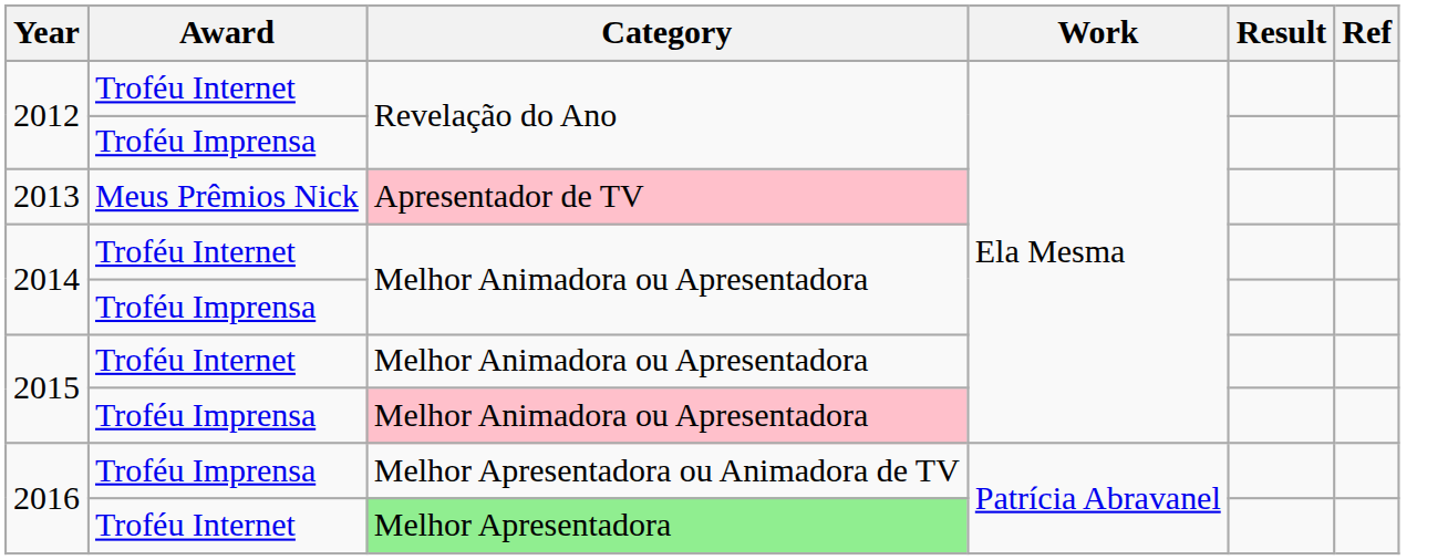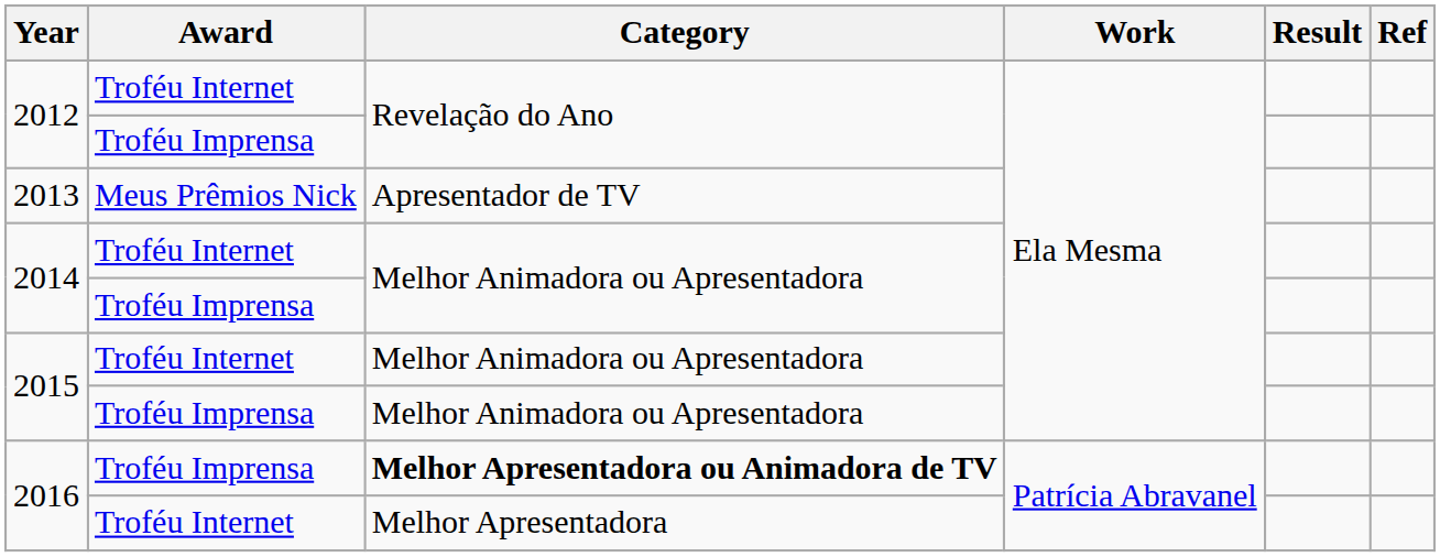 <table class="wikitable" style="font-size: 90%;">
 <tr>
 <th>Year</th>
 <th>Award</th>
 <th>Category</th>
 <th>Work</th>
 <th>Result</th>
 <th>Ref</th>
 </tr>
 <tr>
 <td rowspan="2">2012</td>
 <td><a href='#'>Troféu Internet</a></td>
 <td rowspan="2">Revelação do Ano</td>
 <td rowspan="7">Ela Mesma</td>
 <td></td>
 <td></td>
 </tr>
 <tr>
 <td><a href='#'>Troféu Imprensa</a></td>
 <td></td>
 <td></td>
 </tr>
 <tr>
 <td>2013</td>
 <td><a href='#'>Meus Prêmios Nick</a></td>
-<td style="background: pink;">Apresentador de TV</td>
+<td>Apresentador de TV</td>
 <td></td>
 <td></td>
 </tr>
 <tr>
 <td rowspan="2">2014</td>
 <td><a href='#'>Troféu Internet</a></td>
 <td rowspan="2">Melhor Animadora ou Apresentadora</td>
 <td></td>
 <td></td>
 </tr>
 <tr>
 <td><a href='#'>Troféu Imprensa</a></td>
 <td></td>
 <td></td>
 </tr>
 <tr>
 <td rowspan="2">2015</td>
 <td><a href='#'>Troféu Internet</a></td>
 <td>Melhor Animadora ou Apresentadora</td>
 <td></td>
 <td></td>
 </tr>
 <tr>
 <td><a href='#'>Troféu Imprensa</a></td>
-<td style="background: pink;">Melhor Animadora ou Apresentadora</td>
+<td>Melhor Animadora ou Apresentadora</td>
 <td></td>
 <td></td>
 </tr>
 <tr>
 <td rowspan="2">2016</td>
 <td><a href='#'>Troféu Imprensa</a></td>
-<td>Melhor Apresentadora ou Animadora de TV</td>
+<td><strong>Melhor Apresentadora ou Animadora de TV</strong></td>
 <td rowspan="2"><a href='#'>Patrícia Abravanel</a></td>
 <td></td>
 <td></td>
 </tr>
 <tr>
 <td><a href='#'>Troféu Internet</a></td>
-<td style="background: lightgreen;">Melhor Apresentadora</td>
+<td>Melhor Apresentadora</td>
 <td></td>
 <td></td>
 </tr>
 </table>
